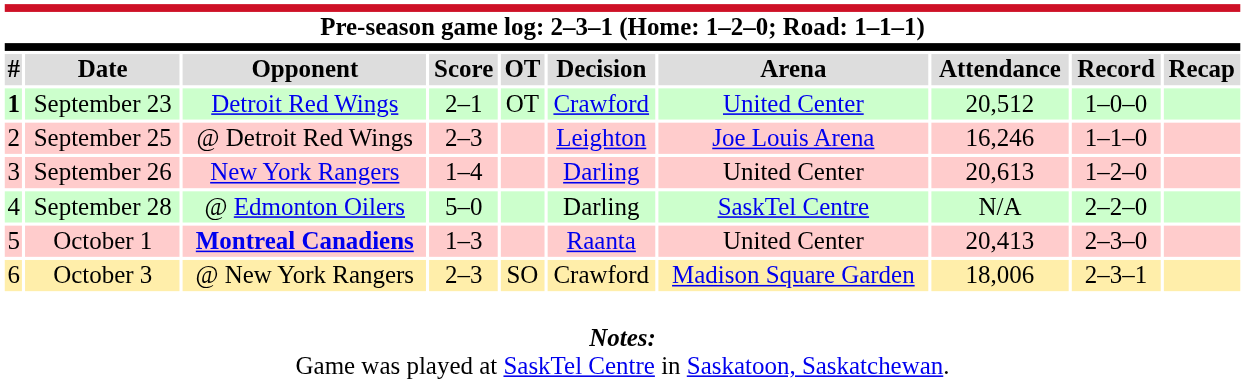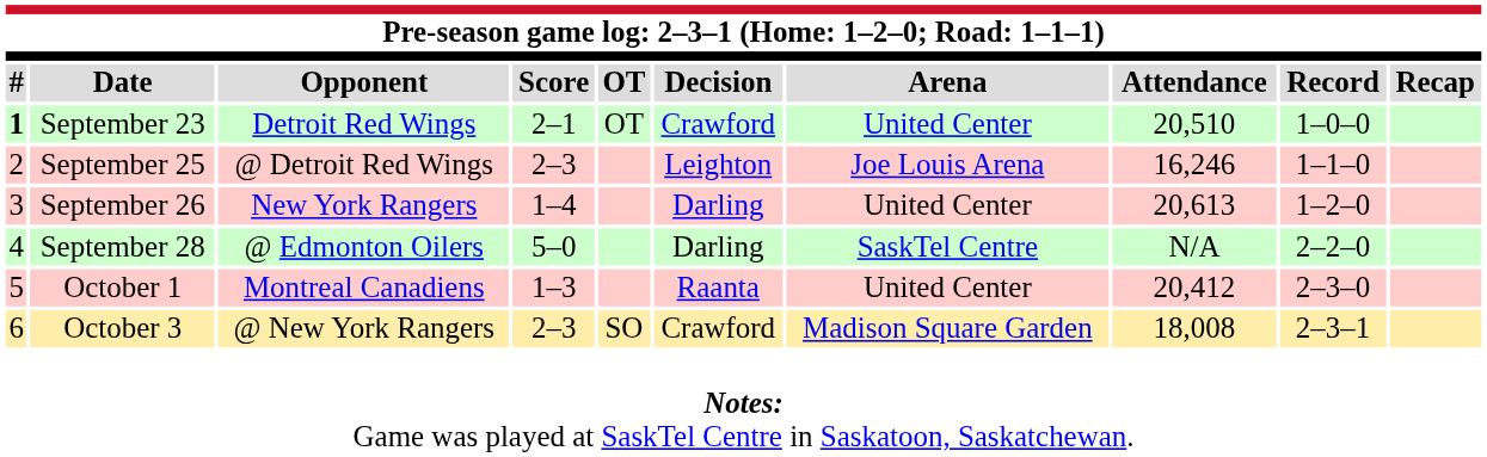 <table class="toccolours collapsible collapsed" style="width:90%; clear:both; margin:1.5em auto; text-align:center;">
 <tr>
 <th colspan=10 style="background:#fff; border-top:#ce1126 5px solid; border-bottom:#000000 5px solid;">Pre-season game log: 2–3–1 (Home: 1–2–0; Road: 1–1–1)</th>
 </tr>
 <tr style="text-align:center; background:#ddd;">
 <th>#</th>
 <th>Date</th>
 <th>Opponent</th>
 <th>Score</th>
 <th>OT</th>
 <th>Decision</th>
 <th>Arena</th>
 <th>Attendance</th>
 <th>Record</th>
 <th>Recap</th>
 </tr>
 <tr style="text-align:center; background:#cfc;">
 <td><strong>1</strong></td>
 <td>September 23</td>
 <td><a href='#'>Detroit Red Wings</a></td>
 <td>2–1</td>
 <td>OT</td>
 <td><a href='#'>Crawford</a></td>
 <td><a href='#'>United Center</a></td>
-<td>20,512</td>
+<td>20,510</td>
 <td>1–0–0</td>
 <td></td>
 </tr>
 <tr style="text-align:center; background:#fcc;">
 <td>2</td>
 <td>September 25</td>
 <td>@ Detroit Red Wings</td>
 <td>2–3</td>
 <td></td>
 <td><a href='#'>Leighton</a></td>
 <td><a href='#'>Joe Louis Arena</a></td>
 <td>16,246</td>
 <td>1–1–0</td>
 <td></td>
 </tr>
 <tr style="text-align:center; background:#fcc;">
 <td>3</td>
 <td>September 26</td>
 <td><a href='#'>New York Rangers</a></td>
 <td>1–4</td>
 <td></td>
 <td><a href='#'>Darling</a></td>
 <td>United Center</td>
 <td>20,613</td>
 <td>1–2–0</td>
 <td></td>
 </tr>
 <tr style="text-align:center; background:#cfc;">
 <td>4</td>
 <td>September 28</td>
 <td>@ <a href='#'>Edmonton Oilers</a></td>
 <td>5–0</td>
 <td></td>
 <td>Darling</td>
 <td><a href='#'>SaskTel Centre</a></td>
 <td>N/A</td>
 <td>2–2–0</td>
 <td></td>
 </tr>
 <tr style="text-align:center; background:#fcc;">
 <td>5</td>
 <td>October 1</td>
-<td><strong><a href='#'>Montreal Canadiens</a></strong></td>
+<td><a href='#'>Montreal Canadiens</a></td>
 <td>1–3</td>
 <td></td>
 <td><a href='#'>Raanta</a></td>
 <td>United Center</td>
-<td>20,413</td>
+<td>20,412</td>
 <td>2–3–0</td>
 <td></td>
 </tr>
 <tr style="text-align:center; background:#fea;">
 <td>6</td>
 <td>October 3</td>
 <td>@ New York Rangers</td>
 <td>2–3</td>
 <td>SO</td>
 <td>Crawford</td>
 <td><a href='#'>Madison Square Garden</a></td>
-<td>18,006</td>
+<td>18,008</td>
 <td>2–3–1</td>
 <td></td>
 </tr>
 <tr>
 <td colspan="10" style="text-align:center;"><br><strong><em>Notes:</em></strong><br> Game was played at <a href='#'>SaskTel Centre</a> in <a href='#'>Saskatoon, Saskatchewan</a>.</td>
 </tr>
 </table>
